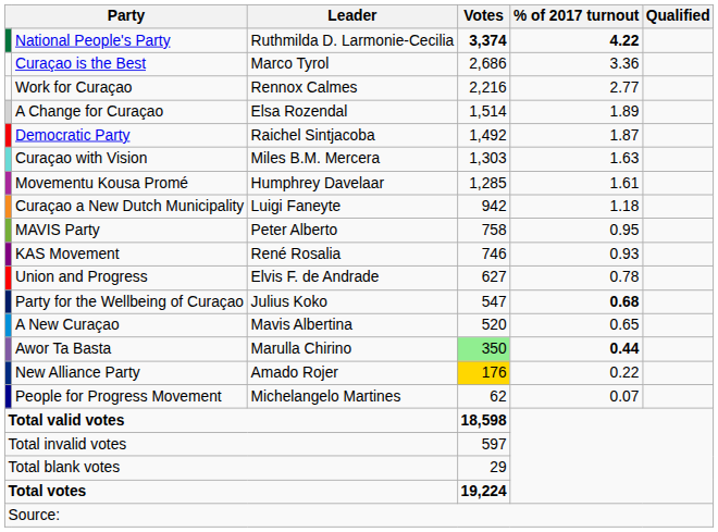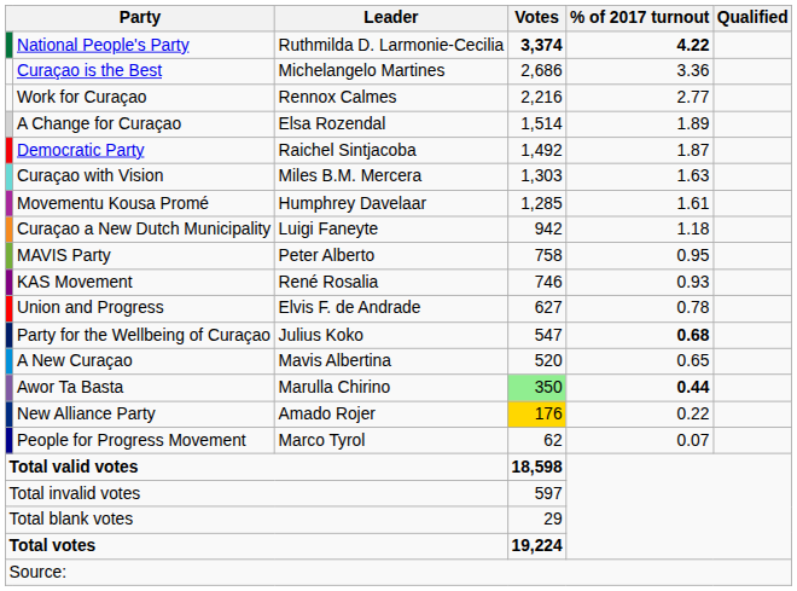 <table class="wikitable" style="text-align:right">
 <tr>
 <th colspan="2">Party</th>
 <th>Leader</th>
 <th>Votes</th>
 <th>% of 2017 turnout</th>
 <th>Qualified</th>
 </tr>
 <tr>
 <td style="background:#03733B;"></td>
 <td align="left"><a href='#'>National People's Party</a></td>
 <td align="left">Ruthmilda D. Larmonie-Cecilia</td>
 <td><strong>3,374</strong></td>
 <td><strong>4.22</strong></td>
 <td></td>
 </tr>
 <tr>
 <td style="background:"></td>
 <td align="left"><a href='#'>Curaçao is the Best</a></td>
-<td align="left">Marco Tyrol</td>
+<td align="left">Michelangelo Martines</td>
 <td>2,686</td>
 <td>3.36</td>
 <td></td>
 </tr>
 <tr>
 <td style="background:"></td>
 <td align="left">Work for Curaçao</td>
 <td align="left">Rennox Calmes</td>
 <td>2,216</td>
 <td>2.77</td>
 <td></td>
 </tr>
 <tr>
 <td style="background:#D3D3D3;"></td>
 <td align="left">A Change for Curaçao</td>
 <td align="left">Elsa Rozendal</td>
 <td>1,514</td>
 <td>1.89</td>
 <td></td>
 </tr>
 <tr>
 <td style="background:#f40007;"></td>
 <td align="left"><a href='#'>Democratic Party</a></td>
 <td align="left">Raichel Sintjacoba</td>
 <td>1,492</td>
 <td>1.87</td>
 <td></td>
 </tr>
 <tr>
 <td style="background:#68DAD6;"></td>
 <td align="left">Curaçao with Vision</td>
 <td align="left">Miles B.M. Mercera</td>
 <td>1,303</td>
 <td>1.63</td>
 <td></td>
 </tr>
 <tr>
 <td style="background:#A8279B;"></td>
 <td align="left">Movementu Kousa Promé</td>
 <td align="left">Humphrey Davelaar</td>
 <td>1,285</td>
 <td>1.61</td>
 <td></td>
 </tr>
 <tr>
 <td style="background:#F68B1F;"></td>
 <td align="left">Curaçao a New Dutch Municipality</td>
 <td align="left">Luigi Faneyte</td>
 <td>942</td>
 <td>1.18</td>
 <td></td>
 </tr>
 <tr>
 <td style="background:#75AE38;"></td>
 <td align="left">MAVIS Party</td>
 <td align="left">Peter Alberto</td>
 <td>758</td>
 <td>0.95</td>
 <td></td>
 </tr>
 <tr>
 <td style="background:purple;"></td>
 <td align="left">KAS Movement</td>
 <td align="left">René Rosalia</td>
 <td>746</td>
 <td>0.93</td>
 <td></td>
 </tr>
 <tr>
 <td style="background:red;"></td>
 <td align="left">Union and Progress</td>
 <td align="left">Elvis F. de Andrade</td>
 <td>627</td>
 <td>0.78</td>
 <td></td>
 </tr>
 <tr>
 <td style="background:#001C66;"></td>
 <td align="left">Party for the Wellbeing of Curaçao</td>
 <td align="left">Julius Koko</td>
 <td>547</td>
 <td><strong>0.68</strong></td>
 <td></td>
 </tr>
 <tr>
 <td style="background:#0191DA;"></td>
 <td align="left">A New Curaçao</td>
 <td align="left">Mavis Albertina</td>
 <td>520</td>
 <td>0.65</td>
 <td></td>
 </tr>
 <tr>
 <td style="background:#805AA3;"></td>
 <td align="left">Awor Ta Basta</td>
 <td align="left">Marulla Chirino</td>
 <td style="background: lightgreen;">350</td>
 <td><strong>0.44</strong></td>
 <td></td>
 </tr>
 <tr>
 <td style="background:#002b7f;"></td>
 <td align="left">New Alliance Party</td>
 <td align="left">Amado Rojer</td>
 <td style="background: gold;">176</td>
 <td>0.22</td>
 <td></td>
 </tr>
 <tr>
 <td style="background:darkblue;"></td>
 <td align="left">People for Progress Movement</td>
-<td align="left">Michelangelo Martines</td>
+<td align="left">Marco Tyrol</td>
 <td>62</td>
 <td>0.07</td>
 <td></td>
 </tr>
 <tr>
 <td colspan="3" align="left"><strong>Total valid votes</strong></td>
 <td><strong>18,598</strong></td>
 </tr>
 <tr>
 <td colspan="3" align="left">Total invalid votes</td>
 <td>597</td>
 </tr>
 <tr>
 <td colspan="3" align="left">Total blank votes</td>
 <td>29</td>
 </tr>
 <tr>
 <td colspan="3" align="left"><strong>Total votes</strong></td>
 <td><strong>19,224</strong></td>
 </tr>
 <tr>
 <td colspan="7" align="left">Source: </td>
 </tr>
 </table>
